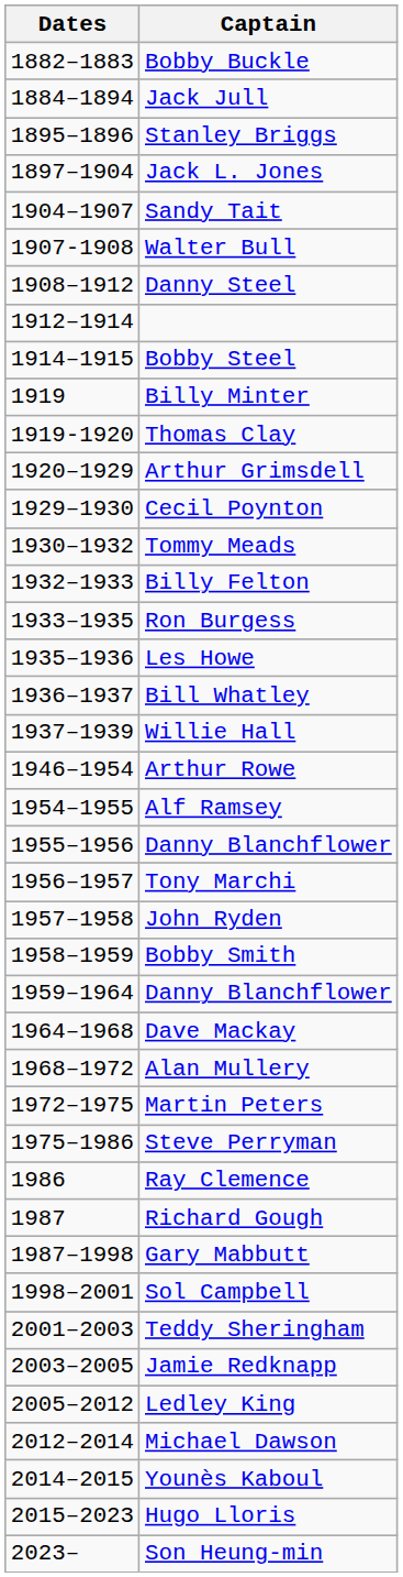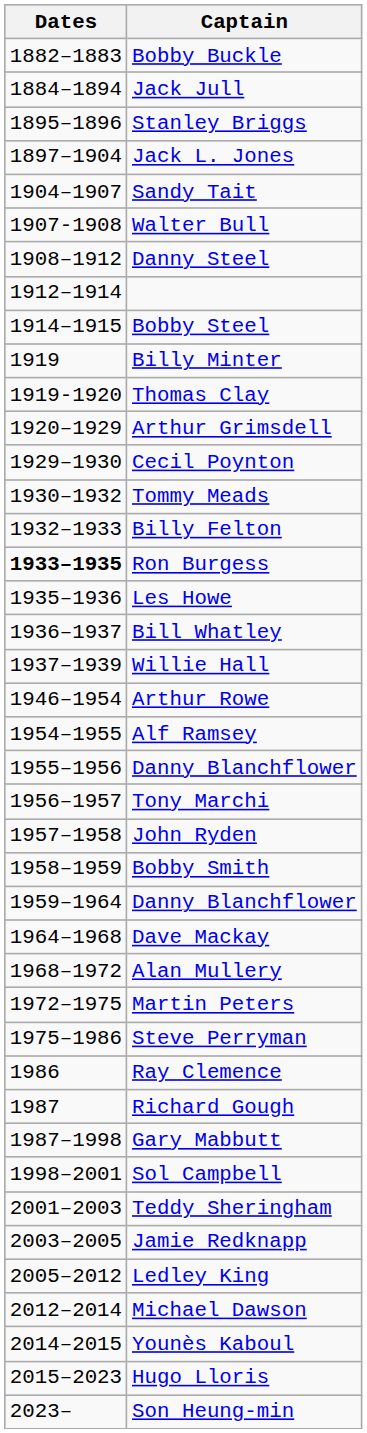 <table class="wikitable plainrowheaders unsortable">
 <tr>
 <th scope="col">Dates</th>
 <th scope="col">Captain</th>
 </tr>
 <tr>
 <td>1882–1883</td>
 <td> <a href='#'>Bobby Buckle</a></td>
 </tr>
 <tr>
 <td>1884–1894</td>
 <td> <a href='#'>Jack Jull</a></td>
 </tr>
 <tr>
 <td>1895–1896</td>
 <td> <a href='#'>Stanley Briggs</a></td>
 </tr>
 <tr>
 <td>1897–1904</td>
 <td> <a href='#'>Jack L. Jones</a></td>
 </tr>
 <tr>
 <td>1904–1907</td>
 <td> <a href='#'>Sandy Tait</a></td>
 </tr>
 <tr>
 <td>1907-1908</td>
 <td> <a href='#'>Walter Bull</a>  </td>
 </tr>
 <tr>
 <td>1908–1912</td>
 <td> <a href='#'>Danny Steel</a></td>
 </tr>
 <tr>
 <td>1912–1914</td>
 <td>  </td>
 </tr>
 <tr>
 <td>1914–1915</td>
 <td> <a href='#'>Bobby Steel</a></td>
 </tr>
 <tr>
 <td>1919</td>
 <td> <a href='#'>Billy Minter</a></td>
 </tr>
 <tr>
 <td>1919-1920</td>
 <td> <a href='#'>Thomas Clay</a></td>
 </tr>
 <tr>
 <td>1920–1929</td>
 <td> <a href='#'>Arthur Grimsdell</a></td>
 </tr>
 <tr>
 <td>1929–1930</td>
 <td> <a href='#'>Cecil Poynton</a></td>
 </tr>
 <tr>
 <td>1930–1932</td>
 <td> <a href='#'>Tommy Meads</a></td>
 </tr>
 <tr>
 <td>1932–1933</td>
 <td> <a href='#'>Billy Felton</a></td>
 </tr>
 <tr>
-<td>1933–1935</td>
+<td><strong>1933–1935</strong></td>
 <td> <a href='#'>Ron Burgess</a></td>
 </tr>
 <tr>
 <td>1935–1936</td>
 <td> <a href='#'>Les Howe</a></td>
 </tr>
 <tr>
 <td>1936–1937</td>
 <td> <a href='#'>Bill Whatley</a></td>
 </tr>
 <tr>
 <td>1937–1939</td>
 <td> <a href='#'>Willie Hall</a></td>
 </tr>
 <tr>
 <td>1946–1954</td>
 <td> <a href='#'>Arthur Rowe</a></td>
 </tr>
 <tr>
 <td>1954–1955</td>
 <td> <a href='#'>Alf Ramsey</a></td>
 </tr>
 <tr>
 <td>1955–1956</td>
 <td> <a href='#'>Danny Blanchflower</a></td>
 </tr>
 <tr>
 <td>1956–1957</td>
 <td> <a href='#'>Tony Marchi</a></td>
 </tr>
 <tr>
 <td>1957–1958</td>
 <td> <a href='#'>John Ryden</a></td>
 </tr>
 <tr>
 <td>1958–1959</td>
 <td> <a href='#'>Bobby Smith</a></td>
 </tr>
 <tr>
 <td>1959–1964</td>
 <td> <a href='#'>Danny Blanchflower</a></td>
 </tr>
 <tr>
 <td>1964–1968</td>
 <td> <a href='#'>Dave Mackay</a></td>
 </tr>
 <tr>
 <td>1968–1972</td>
 <td> <a href='#'>Alan Mullery</a></td>
 </tr>
 <tr>
 <td>1972–1975</td>
 <td> <a href='#'>Martin Peters</a></td>
 </tr>
 <tr>
 <td>1975–1986</td>
 <td> <a href='#'>Steve Perryman</a></td>
 </tr>
 <tr>
 <td>1986</td>
 <td> <a href='#'>Ray Clemence</a></td>
 </tr>
 <tr>
 <td>1987</td>
 <td> <a href='#'>Richard Gough</a></td>
 </tr>
 <tr>
 <td>1987–1998</td>
 <td> <a href='#'>Gary Mabbutt</a></td>
 </tr>
 <tr>
 <td>1998–2001</td>
 <td> <a href='#'>Sol Campbell</a></td>
 </tr>
 <tr>
 <td>2001–2003</td>
 <td> <a href='#'>Teddy Sheringham</a></td>
 </tr>
 <tr>
 <td>2003–2005</td>
 <td> <a href='#'>Jamie Redknapp</a></td>
 </tr>
 <tr>
 <td>2005–2012</td>
 <td> <a href='#'>Ledley King</a></td>
 </tr>
 <tr>
 <td>2012–2014</td>
 <td> <a href='#'>Michael Dawson</a></td>
 </tr>
 <tr>
 <td>2014–2015</td>
 <td> <a href='#'>Younès Kaboul</a></td>
 </tr>
 <tr>
 <td>2015–2023</td>
 <td> <a href='#'>Hugo Lloris</a></td>
 </tr>
 <tr>
 <td>2023–</td>
 <td> <a href='#'>Son Heung-min</a></td>
 </tr>
 </table>
